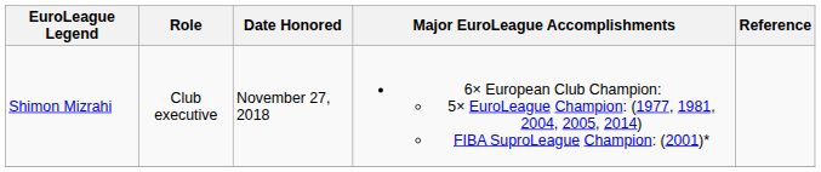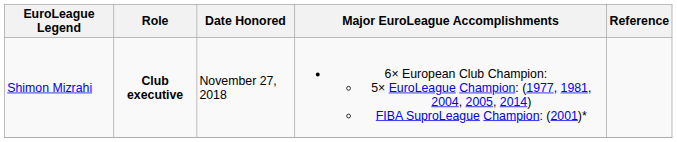 <table class="wikitable">
 <tr>
 <th>EuroLeague Legend</th>
 <th>Role</th>
 <th>Date Honored</th>
 <th>Major EuroLeague Accomplishments</th>
 <th>Reference</th>
 </tr>
 <tr>
 <td> <a href='#'>Shimon Mizrahi</a></td>
-<td style="text-align:center;">Club executive</td>
+<td style="text-align:center;"><strong>Club executive</strong></td>
 <td>November 27, 2018</td>
 <td style="text-align:center;"><br><ul><li>6× European Club Champion:<ul><li>5× <a href='#'>EuroLeague</a> <a href='#'>Champion</a>: (<a href='#'>1977</a>, <a href='#'>1981</a>, <a href='#'>2004</a>, <a href='#'>2005</a>, <a href='#'>2014</a>)</li><li><a href='#'>FIBA SuproLeague</a> <a href='#'>Champion</a>: (<a href='#'>2001</a>)*</li></ul></li></ul></td>
 <td style="text-align:center;"></td>
 </tr>
 <tr>
 </tr>
 </table>
